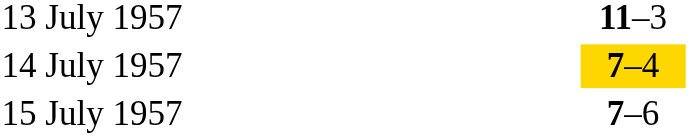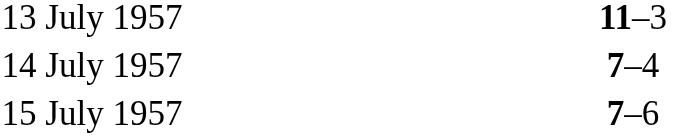 <table style="text-align:center" width=500>
 <tr>
 <th width=30%></th>
 <th width=30%></th>
 <th width=10%></th>
 <th width=30%></th>
 <th width=10%></th>
 </tr>
 <tr>
 <td>13 July 1957</td>
 <td align="right"><strong></strong></td>
 <td><strong>11</strong>–3</td>
 <td align="left"></td>
 </tr>
 <tr>
 <td>14 July 1957</td>
 <td align="right"><strong></strong></td>
-<td style="background: gold;"><strong>7</strong>–4</td>
+<td><strong>7</strong>–4</td>
 <td align="left"></td>
 </tr>
 <tr>
 <td>15 July 1957</td>
 <td align="right"><strong></strong></td>
 <td><strong>7</strong>–6</td>
 <td align="left"></td>
 </tr>
 </table>
